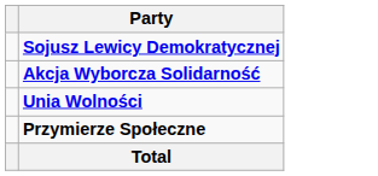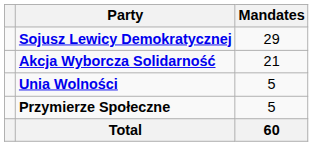 <table class="wikitable">
 <tr>
 <th width=5></th>
 <th>Party</th>
+<th>Mandates</th>
 </tr>
 <tr>
 <td style="background:"></td>
 <td><strong><a href='#'>Sojusz Lewicy Demokratycznej</a></strong></td>
+<td align="center">29</td>
 </tr>
 <tr>
 <td style="background:"></td>
 <td><strong><a href='#'>Akcja Wyborcza Solidarność</a></strong></td>
+<td align="center">21</td>
 </tr>
 <tr>
 <td style="background:"></td>
 <td><strong><a href='#'>Unia Wolności</a></strong></td>
+<td align="center">5</td>
 </tr>
 <tr>
 <td style="background:"></td>
 <td><strong>Przymierze Społeczne</strong></td>
+<td align="center">5</td>
 </tr>
 <tr bgcolor="#ececec">
 <th></th>
 <th>Total</th>
+<th align="center">60</th>
 </tr>
 </table>
